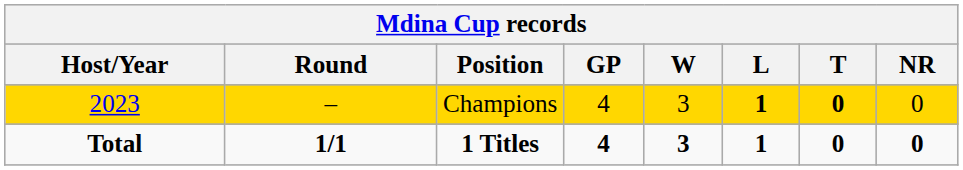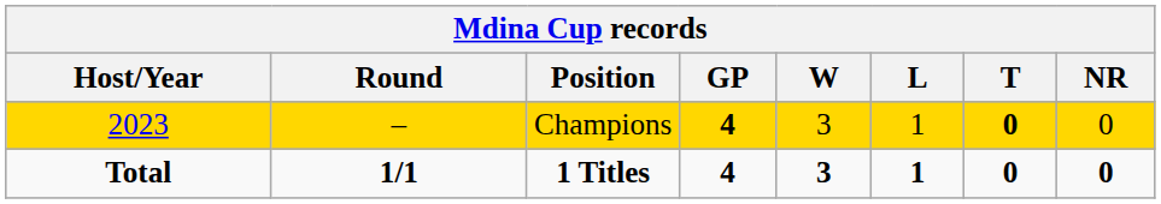 <table class="wikitable" style="text-align: center;">
 <tr>
 <th colspan=8><a href='#'>Mdina Cup</a> records</th>
 </tr>
 <tr>
 <th width=150>Host/Year</th>
 <th width=150>Round</th>
 <th width=50>Position</th>
 <th width=50>GP</th>
 <th width=50>W</th>
 <th width=50>L</th>
 <th width=50>T</th>
 <th width=50>NR</th>
 </tr>
 <tr bgcolor=gold>
 <td> <a href='#'>2023</a></td>
 <td>–</td>
 <td>Champions</td>
-<td>4</td>
+<td><strong>4</strong></td>
 <td>3</td>
-<td><strong>1</strong></td>
+<td>1</td>
 <td><strong>0</strong></td>
 <td>0</td>
 </tr>
 <tr>
 <td><strong>Total</strong></td>
 <td><strong>1/1</strong></td>
 <td><strong>1 Titles</strong></td>
 <td><strong>4</strong></td>
 <td><strong>3</strong></td>
 <td><strong>1</strong></td>
 <td><strong>0</strong></td>
 <td><strong>0</strong></td>
 </tr>
 </table>
